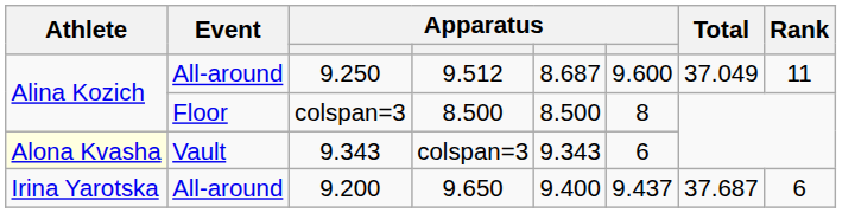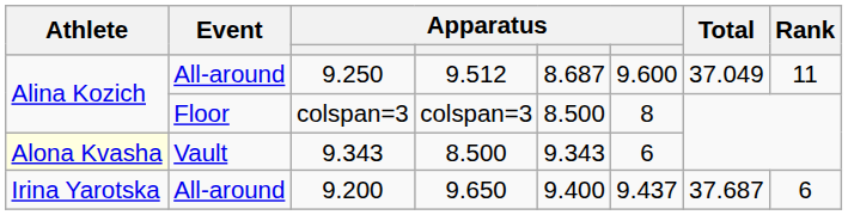 <table class="wikitable" style="font-size:90%">
 <tr>
 <th rowspan=2>Athlete</th>
 <th rowspan=2>Event</th>
 <th colspan =4>Apparatus</th>
 <th rowspan=2>Total</th>
 <th rowspan=2>Rank</th>
 </tr>
 <tr style="font-size:95%">
 <th></th>
 <th></th>
 <th></th>
 <th></th>
 </tr>
 <tr align=center>
 <td align=left rowspan=2><a href='#'>Alina Kozich</a></td>
 <td align=left><a href='#'>All-around</a></td>
 <td>9.250</td>
 <td>9.512</td>
 <td>8.687</td>
 <td>9.600</td>
 <td>37.049</td>
 <td>11</td>
 </tr>
 <tr align=center>
 <td align=left><a href='#'>Floor</a></td>
 <td>colspan=3 </td>
-<td>8.500</td>
+<td>colspan=3 </td>
 <td>8.500</td>
 <td>8</td>
 </tr>
 <tr align=center>
 <td align=left style="background: lightyellow;"><a href='#'>Alona Kvasha</a></td>
 <td align=left><a href='#'>Vault</a></td>
 <td>9.343</td>
-<td>colspan=3 </td>
+<td>8.500</td>
 <td>9.343</td>
 <td>6</td>
 </tr>
 <tr align=center>
 <td align=left><a href='#'>Irina Yarotska</a></td>
 <td align=left><a href='#'>All-around</a></td>
 <td>9.200</td>
 <td>9.650</td>
 <td>9.400</td>
 <td>9.437</td>
 <td>37.687</td>
 <td>6</td>
 </tr>
 </table>
